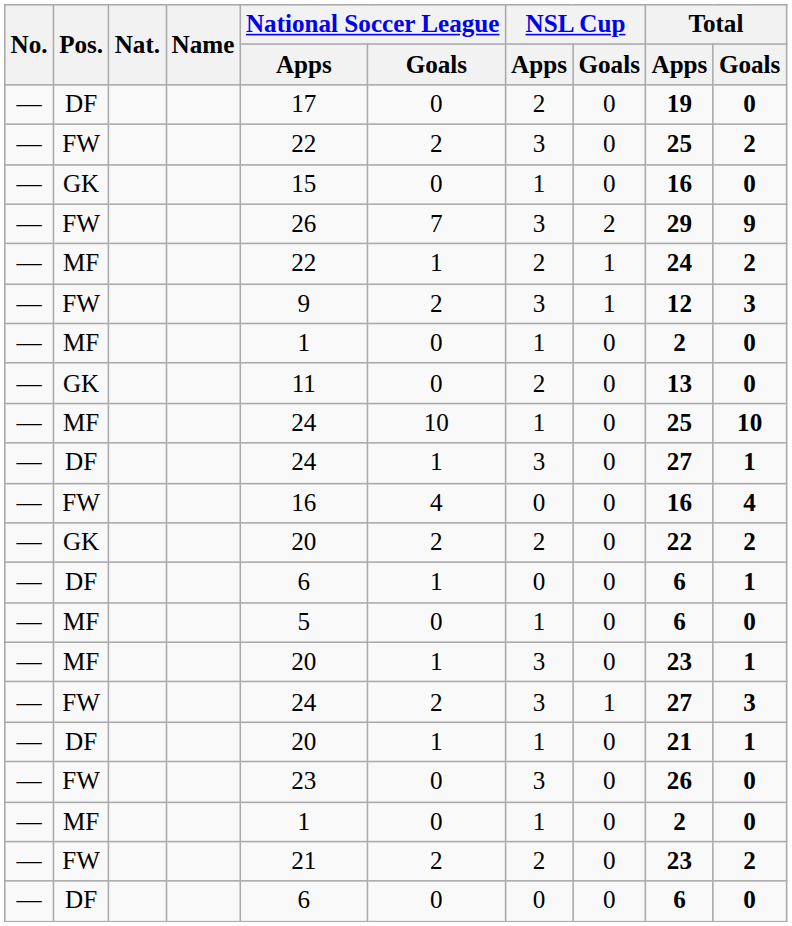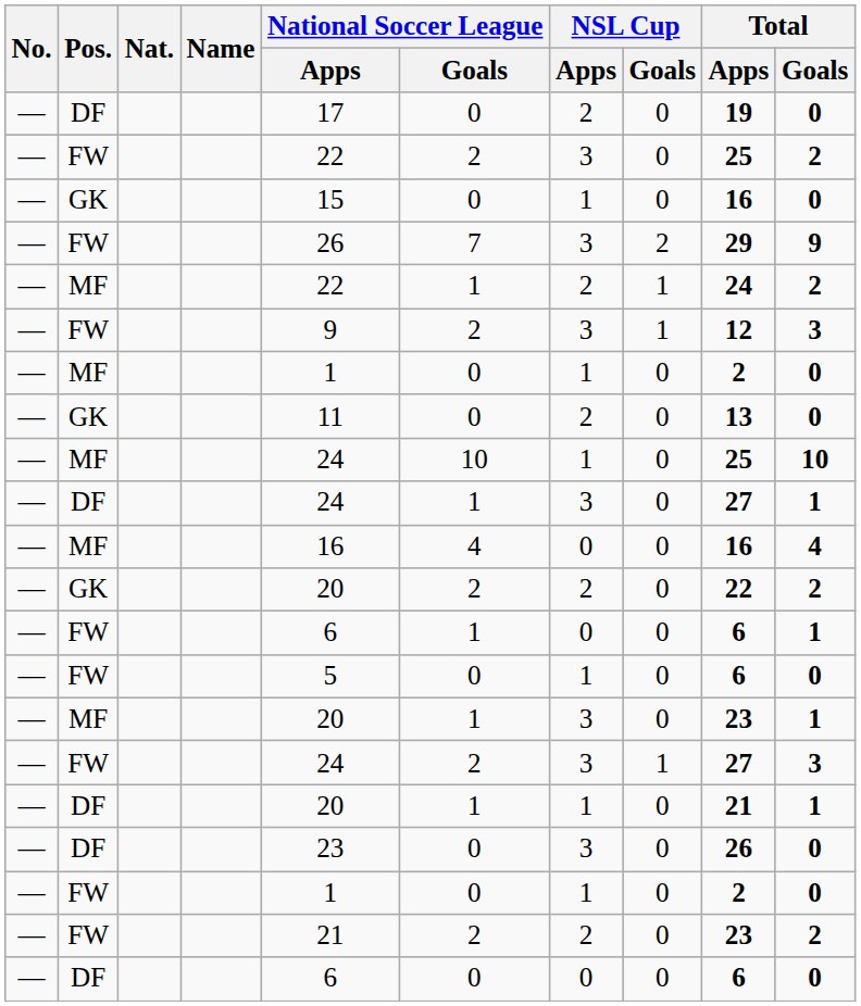 <table class="wikitable sortable" style="text-align:center">
 <tr>
 <th rowspan="2">No.</th>
 <th rowspan="2">Pos.</th>
 <th rowspan="2">Nat.</th>
 <th rowspan="2">Name</th>
 <th colspan="2"><a href='#'>National Soccer League</a></th>
 <th colspan="2"><a href='#'>NSL Cup</a></th>
 <th colspan="2">Total</th>
 </tr>
 <tr>
 <th>Apps</th>
 <th>Goals</th>
 <th>Apps</th>
 <th>Goals</th>
 <th>Apps</th>
 <th>Goals</th>
 </tr>
 <tr>
 <td>—</td>
 <td>DF</td>
 <td></td>
 <td align=left></td>
 <td>17</td>
 <td>0</td>
 <td>2</td>
 <td>0</td>
 <td><strong>19</strong></td>
 <td><strong>0</strong></td>
 </tr>
 <tr>
 <td>—</td>
 <td>FW</td>
 <td></td>
 <td align=left></td>
 <td>22</td>
 <td>2</td>
 <td>3</td>
 <td>0</td>
 <td><strong>25</strong></td>
 <td><strong>2</strong></td>
 </tr>
 <tr>
 <td>—</td>
 <td>GK</td>
 <td></td>
 <td align=left></td>
 <td>15</td>
 <td>0</td>
 <td>1</td>
 <td>0</td>
 <td><strong>16</strong></td>
 <td><strong>0</strong></td>
 </tr>
 <tr>
 <td>—</td>
 <td>FW</td>
 <td></td>
 <td align=left></td>
 <td>26</td>
 <td>7</td>
 <td>3</td>
 <td>2</td>
 <td><strong>29</strong></td>
 <td><strong>9</strong></td>
 </tr>
 <tr>
 <td>—</td>
 <td>MF</td>
 <td></td>
 <td align=left></td>
 <td>22</td>
 <td>1</td>
 <td>2</td>
 <td>1</td>
 <td><strong>24</strong></td>
 <td><strong>2</strong></td>
 </tr>
 <tr>
 <td>—</td>
 <td>FW</td>
 <td></td>
 <td align=left></td>
 <td>9</td>
 <td>2</td>
 <td>3</td>
 <td>1</td>
 <td><strong>12</strong></td>
 <td><strong>3</strong></td>
 </tr>
 <tr>
 <td>—</td>
 <td>MF</td>
 <td></td>
 <td align=left></td>
 <td>1</td>
 <td>0</td>
 <td>1</td>
 <td>0</td>
 <td><strong>2</strong></td>
 <td><strong>0</strong></td>
 </tr>
 <tr>
 <td>—</td>
 <td>GK</td>
 <td></td>
 <td align=left></td>
 <td>11</td>
 <td>0</td>
 <td>2</td>
 <td>0</td>
 <td><strong>13</strong></td>
 <td><strong>0</strong></td>
 </tr>
 <tr>
 <td>—</td>
 <td>MF</td>
 <td></td>
 <td align=left></td>
 <td>24</td>
 <td>10</td>
 <td>1</td>
 <td>0</td>
 <td><strong>25</strong></td>
 <td><strong>10</strong></td>
 </tr>
 <tr>
 <td>—</td>
 <td>DF</td>
 <td></td>
 <td align=left></td>
 <td>24</td>
 <td>1</td>
 <td>3</td>
 <td>0</td>
 <td><strong>27</strong></td>
 <td><strong>1</strong></td>
 </tr>
 <tr>
 <td>—</td>
-<td>FW</td>
+<td>MF</td>
 <td></td>
 <td align=left></td>
 <td>16</td>
 <td>4</td>
 <td>0</td>
 <td>0</td>
 <td><strong>16</strong></td>
 <td><strong>4</strong></td>
 </tr>
 <tr>
 <td>—</td>
 <td>GK</td>
 <td></td>
 <td align=left></td>
 <td>20</td>
 <td>2</td>
 <td>2</td>
 <td>0</td>
 <td><strong>22</strong></td>
 <td><strong>2</strong></td>
 </tr>
 <tr>
 <td>—</td>
-<td>DF</td>
+<td>FW</td>
 <td></td>
 <td align=left></td>
 <td>6</td>
 <td>1</td>
 <td>0</td>
 <td>0</td>
 <td><strong>6</strong></td>
 <td><strong>1</strong></td>
 </tr>
 <tr>
 <td>—</td>
-<td>MF</td>
+<td>FW</td>
 <td></td>
 <td align=left></td>
 <td>5</td>
 <td>0</td>
 <td>1</td>
 <td>0</td>
 <td><strong>6</strong></td>
 <td><strong>0</strong></td>
 </tr>
 <tr>
 <td>—</td>
 <td>MF</td>
 <td></td>
 <td align=left></td>
 <td>20</td>
 <td>1</td>
 <td>3</td>
 <td>0</td>
 <td><strong>23</strong></td>
 <td><strong>1</strong></td>
 </tr>
 <tr>
 <td>—</td>
 <td>FW</td>
 <td></td>
 <td align=left></td>
 <td>24</td>
 <td>2</td>
 <td>3</td>
 <td>1</td>
 <td><strong>27</strong></td>
 <td><strong>3</strong></td>
 </tr>
 <tr>
 <td>—</td>
 <td>DF</td>
 <td></td>
 <td align=left></td>
 <td>20</td>
 <td>1</td>
 <td>1</td>
 <td>0</td>
 <td><strong>21</strong></td>
 <td><strong>1</strong></td>
 </tr>
 <tr>
 <td>—</td>
-<td>FW</td>
+<td>DF</td>
 <td></td>
 <td align=left></td>
 <td>23</td>
 <td>0</td>
 <td>3</td>
 <td>0</td>
 <td><strong>26</strong></td>
 <td><strong>0</strong></td>
 </tr>
 <tr>
 <td>—</td>
-<td>MF</td>
+<td>FW</td>
 <td></td>
 <td align=left></td>
 <td>1</td>
 <td>0</td>
 <td>1</td>
 <td>0</td>
 <td><strong>2</strong></td>
 <td><strong>0</strong></td>
 </tr>
 <tr>
 <td>—</td>
 <td>FW</td>
 <td></td>
 <td align=left></td>
 <td>21</td>
 <td>2</td>
 <td>2</td>
 <td>0</td>
 <td><strong>23</strong></td>
 <td><strong>2</strong></td>
 </tr>
 <tr>
 <td>—</td>
 <td>DF</td>
 <td></td>
 <td align=left></td>
 <td>6</td>
 <td>0</td>
 <td>0</td>
 <td>0</td>
 <td><strong>6</strong></td>
 <td><strong>0</strong></td>
 </tr>
 </table>
